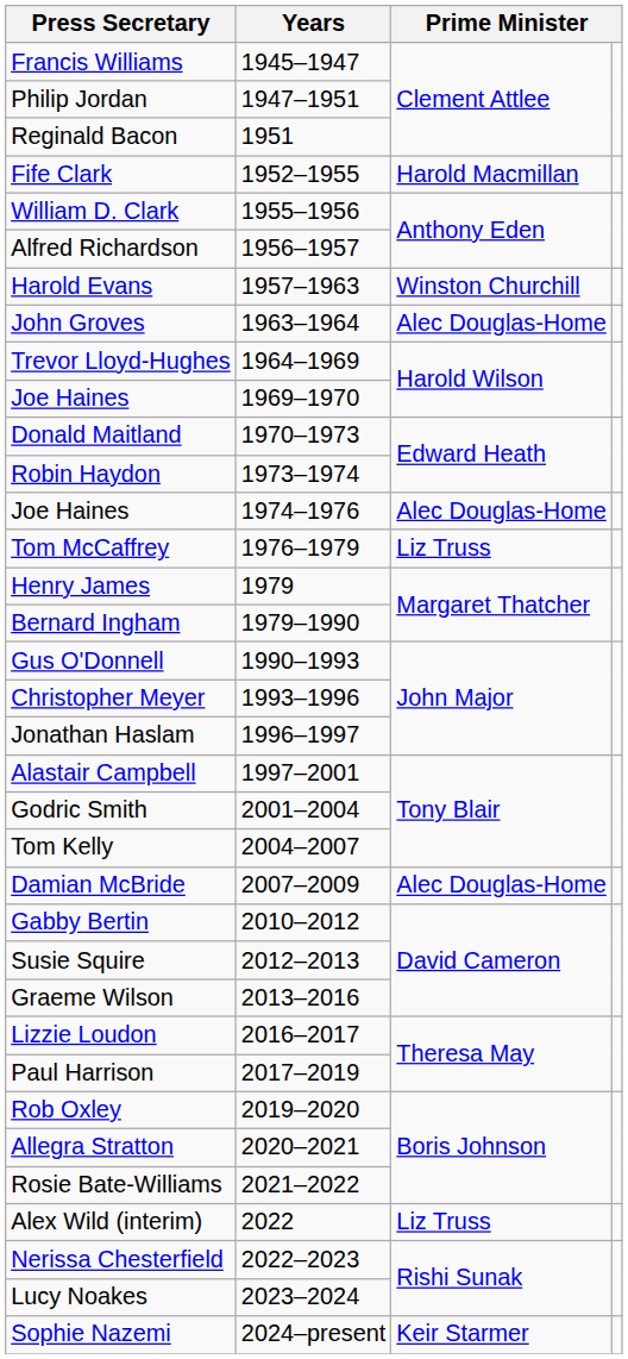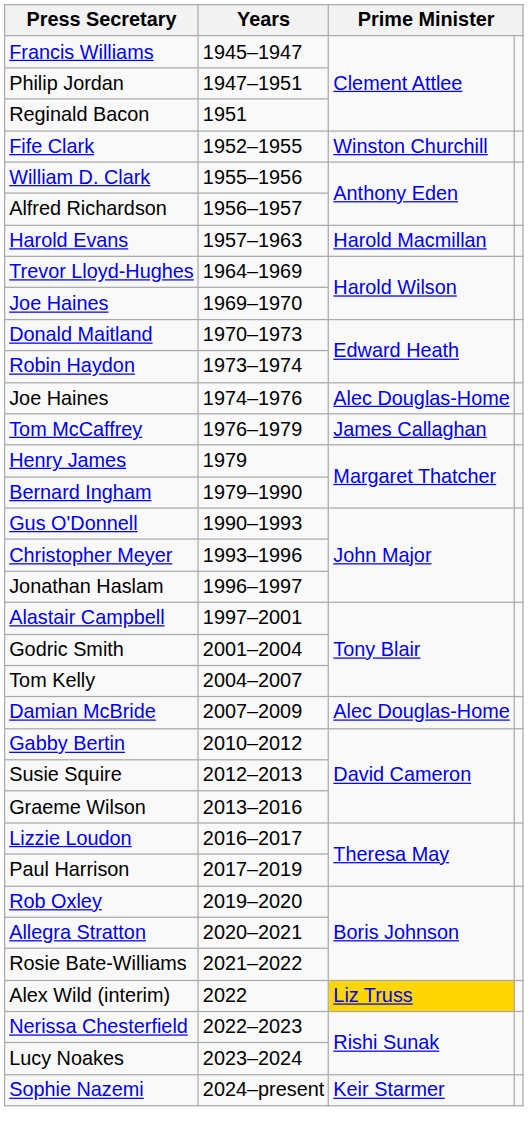 <table class="wikitable">
 <tr>
 <th>Press Secretary</th>
 <th>Years</th>
 <th colspan="2">Prime Minister</th>
 </tr>
 <tr>
 <td><a href='#'>Francis Williams</a></td>
 <td>1945–1947</td>
 <td rowspan=3><a href='#'>Clement Attlee</a></td>
 <td rowspan="3" style="background-color: "></td>
 </tr>
 <tr>
 <td>Philip Jordan</td>
 <td>1947–1951</td>
 </tr>
 <tr>
 <td>Reginald Bacon</td>
 <td>1951</td>
 </tr>
 <tr>
 <td><a href='#'>Fife Clark</a></td>
 <td>1952–1955</td>
-<td><a href='#'>Harold Macmillan</a></td>
+<td><a href='#'>Winston Churchill</a></td>
 <td style="background-color: "></td>
 </tr>
 <tr>
 <td><a href='#'>William D. Clark</a></td>
 <td>1955–1956</td>
 <td rowspan=2><a href='#'>Anthony Eden</a></td>
 <td rowspan="2" style="background-color: "></td>
 </tr>
 <tr>
 <td>Alfred Richardson</td>
 <td>1956–1957</td>
 </tr>
 <tr>
 <td><a href='#'>Harold Evans</a></td>
 <td>1957–1963</td>
-<td><a href='#'>Winston Churchill</a></td>
-<td style="background-color: "></td>
-</tr>
-<tr>
-<td><a href='#'>John Groves</a></td>
-<td>1963–1964</td>
-<td><a href='#'>Alec Douglas-Home</a></td>
+<td><a href='#'>Harold Macmillan</a></td>
 <td style="background-color: "></td>
 </tr>
 <tr>
 <td><a href='#'>Trevor Lloyd-Hughes</a></td>
 <td>1964–1969</td>
 <td rowspan=2><a href='#'>Harold Wilson</a></td>
 <td rowspan="2" style="background-color: "></td>
 </tr>
 <tr>
 <td><a href='#'>Joe Haines</a></td>
 <td>1969–1970</td>
 </tr>
 <tr>
 <td><a href='#'>Donald Maitland</a></td>
 <td>1970–1973</td>
 <td rowspan=2><a href='#'>Edward Heath</a></td>
 <td rowspan="2" style="background-color: "></td>
 </tr>
 <tr>
 <td><a href='#'>Robin Haydon</a></td>
 <td>1973–1974</td>
 </tr>
 <tr>
 <td>Joe Haines</td>
 <td>1974–1976</td>
 <td><a href='#'>Alec Douglas-Home</a></td>
 <td style="background-color: "></td>
 </tr>
 <tr>
 <td><a href='#'>Tom McCaffrey</a></td>
 <td>1976–1979</td>
-<td rowspan="1"><a href='#'>Liz Truss</a></td>
+<td><a href='#'>James Callaghan</a></td>
 <td style="background-color: "></td>
 </tr>
 <tr>
 <td><a href='#'>Henry James</a></td>
 <td>1979</td>
 <td rowspan=2><a href='#'>Margaret Thatcher</a></td>
 <td rowspan="2" style="background-color: "></td>
 </tr>
 <tr>
 <td><a href='#'>Bernard Ingham</a></td>
 <td>1979–1990</td>
 </tr>
 <tr>
 <td><a href='#'>Gus O'Donnell</a></td>
 <td>1990–1993</td>
 <td rowspan=3><a href='#'>John Major</a></td>
 <td rowspan="3" style="background-color: "></td>
 </tr>
 <tr>
 <td><a href='#'>Christopher Meyer</a></td>
 <td>1993–1996</td>
 </tr>
 <tr>
 <td>Jonathan Haslam</td>
 <td>1996–1997</td>
 </tr>
 <tr>
 <td><a href='#'>Alastair Campbell</a></td>
 <td>1997–2001</td>
 <td rowspan=3><a href='#'>Tony Blair</a></td>
 <td rowspan="3" style="background-color: "></td>
 </tr>
 <tr>
 <td>Godric Smith</td>
 <td>2001–2004</td>
 </tr>
 <tr>
 <td>Tom Kelly</td>
 <td>2004–2007</td>
 </tr>
 <tr>
 <td><a href='#'>Damian McBride</a></td>
 <td>2007–2009</td>
 <td><a href='#'>Alec Douglas-Home</a></td>
 <td style="background-color: "></td>
 </tr>
 <tr>
 <td><a href='#'>Gabby Bertin</a></td>
 <td>2010–2012</td>
 <td rowspan=3><a href='#'>David Cameron</a></td>
 <td rowspan="3" style="background-color: "></td>
 </tr>
 <tr>
 <td>Susie Squire</td>
 <td>2012–2013</td>
 </tr>
 <tr>
 <td>Graeme Wilson</td>
 <td>2013–2016</td>
 </tr>
 <tr>
 <td><a href='#'>Lizzie Loudon</a></td>
 <td>2016–2017</td>
 <td rowspan=2><a href='#'>Theresa May</a></td>
 <td rowspan="2" style="background-color: "></td>
 </tr>
 <tr>
 <td>Paul Harrison</td>
 <td>2017–2019</td>
 </tr>
 <tr>
 <td><a href='#'>Rob Oxley</a></td>
 <td>2019–2020</td>
 <td rowspan=3><a href='#'>Boris Johnson</a></td>
 <td rowspan="3" style="background-color: "></td>
 </tr>
 <tr>
 <td><a href='#'>Allegra Stratton</a></td>
 <td>2020–2021</td>
 </tr>
 <tr>
 <td>Rosie Bate-Williams</td>
 <td>2021–2022</td>
 </tr>
 <tr>
 <td>Alex Wild (interim)</td>
 <td>2022</td>
-<td rowspan="1"><a href='#'>Liz Truss</a></td>
+<td rowspan="1" style="background: gold;"><a href='#'>Liz Truss</a></td>
 <td rowspan="1" style="background-color: "></td>
 </tr>
 <tr>
 <td><a href='#'>Nerissa Chesterfield</a></td>
 <td>2022–2023</td>
 <td rowspan="2"><a href='#'>Rishi Sunak</a></td>
 <td rowspan="2" style="background-color: "></td>
 </tr>
 <tr>
 <td>Lucy Noakes</td>
 <td>2023–2024</td>
 </tr>
 <tr>
 <td><a href='#'>Sophie Nazemi</a></td>
 <td>2024–present</td>
 <td rowspan="2"><a href='#'>Keir Starmer</a></td>
 <td rowspan="2" style="background-color: "></td>
 </tr>
 </table>
